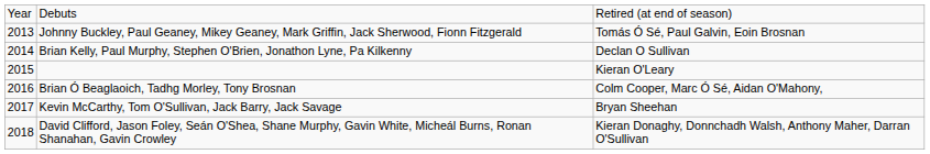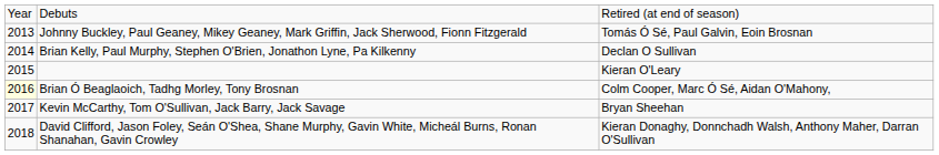 <table class="wikitable">
 <tr>
 <td>Year</td>
 <td>Debuts</td>
 <td>Retired (at end of season)</td>
 </tr>
 <tr>
 <td>2013</td>
 <td>Johnny Buckley, Paul Geaney, Mikey Geaney, Mark Griffin, Jack Sherwood, Fionn Fitzgerald</td>
 <td>Tomás Ó Sé, Paul Galvin, Eoin Brosnan</td>
 </tr>
 <tr>
 <td>2014</td>
 <td>Brian Kelly, Paul Murphy, Stephen O'Brien, Jonathon Lyne, Pa Kilkenny</td>
 <td>Declan O Sullivan</td>
 </tr>
 <tr>
 <td>2015</td>
 <td></td>
 <td>Kieran O'Leary</td>
 </tr>
 <tr>
-<td>2016</td>
+<td style="background: lightyellow;">2016</td>
 <td>Brian Ó Beaglaoich, Tadhg Morley, Tony Brosnan</td>
 <td>Colm Cooper, Marc Ó Sé, Aidan O'Mahony,</td>
 </tr>
 <tr>
 <td>2017</td>
 <td>Kevin McCarthy, Tom O'Sullivan, Jack Barry, Jack Savage</td>
 <td>Bryan Sheehan</td>
 </tr>
 <tr>
 <td>2018</td>
 <td>David Clifford, Jason Foley, Seán O'Shea, Shane Murphy, Gavin White, Micheál Burns, Ronan Shanahan, Gavin Crowley</td>
 <td>Kieran Donaghy, Donnchadh Walsh, Anthony Maher, Darran O'Sullivan</td>
 </tr>
 </table>
